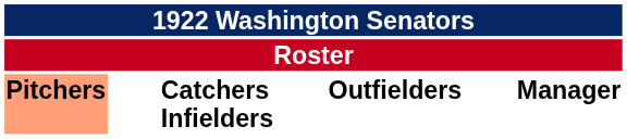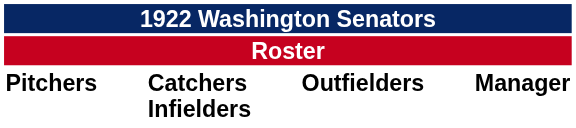 <table class="toccolours" style="font-size: 95%;">
 <tr>
 <th colspan="10" style="background-color: #072764; color: white; text-align: center;">1922 Washington Senators</th>
 </tr>
 <tr>
 <td colspan="10" style="background-color: #c6011f; color: white; text-align: center;"><strong>Roster</strong></td>
 </tr>
 <tr>
-<td valign="top" style="background: lightsalmon;"><strong>Pitchers</strong><br>             </td>
+<td valign="top"><strong>Pitchers</strong><br>             </td>
 <td width="25px"></td>
 <td valign="top"><strong>Catchers</strong><br>    <strong>Infielders</strong>       </td>
 <td width="25px"></td>
 <td valign="top"><strong>Outfielders</strong><br>      </td>
 <td width="25px"></td>
 <td valign="top"><strong>Manager</strong><br></td>
 </tr>
 </table>
